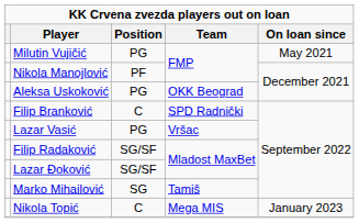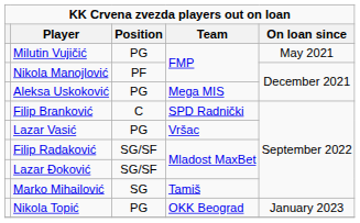 <table class="wikitable sortable" style="font-size: 95%; text-align:center;">
 <tr>
 <td colspan=6><strong>KK Crvena zvezda players out on loan</strong></td>
 </tr>
 <tr>
 <th></th>
 <th>Player</th>
 <th>Position</th>
 <th>Team</th>
 <th>On loan since</th>
 </tr>
 <tr>
 <td></td>
 <td style="text-align:left;"><a href='#'>Milutin Vujičić</a></td>
 <td>PG</td>
 <td style="text-align:left;" rowspan=2> <a href='#'>FMP</a></td>
 <td>May 2021</td>
 </tr>
 <tr>
 <td></td>
 <td style="text-align:left;"><a href='#'>Nikola Manojlović</a></td>
 <td>PF</td>
 <td rowspan=2>December 2021</td>
 </tr>
 <tr>
 <td></td>
 <td style="text-align:left;"><a href='#'>Aleksa Uskoković</a></td>
 <td>PG</td>
-<td style="text-align:left;"> <a href='#'>OKK Beograd</a></td>
+<td style="text-align:left;"> <a href='#'>Mega MIS</a></td>
 </tr>
 <tr>
 <td></td>
 <td style="text-align:left;"><a href='#'>Filip Branković</a></td>
 <td>C</td>
 <td style="text-align:left;"> <a href='#'>SPD Radnički</a></td>
 <td rowspan=5>September 2022</td>
 </tr>
 <tr>
 <td></td>
 <td style="text-align:left;"><a href='#'>Lazar Vasić</a></td>
 <td>PG</td>
 <td style="text-align:left;"> <a href='#'>Vršac</a></td>
 </tr>
 <tr>
 <td></td>
 <td style="text-align:left;"><a href='#'>Filip Radaković</a></td>
 <td>SG/SF</td>
 <td style="text-align:left;" rowspan=2> <a href='#'>Mladost MaxBet</a></td>
 </tr>
 <tr>
 <td></td>
 <td style="text-align:left;"><a href='#'>Lazar Đoković</a></td>
 <td>SG/SF</td>
 </tr>
 <tr>
 <td></td>
 <td style="text-align:left;"><a href='#'>Marko Mihailović</a></td>
 <td>SG</td>
 <td style="text-align:left;"> <a href='#'>Tamiš</a></td>
 </tr>
 <tr>
 <td></td>
 <td style="text-align:left;"><a href='#'>Nikola Topić</a></td>
-<td>C</td>
-<td style="text-align:left;"> <a href='#'>Mega MIS</a></td>
+<td>PG</td>
+<td style="text-align:left;"> <a href='#'>OKK Beograd</a></td>
 <td>January 2023</td>
 </tr>
 <tr>
 </tr>
 </table>
